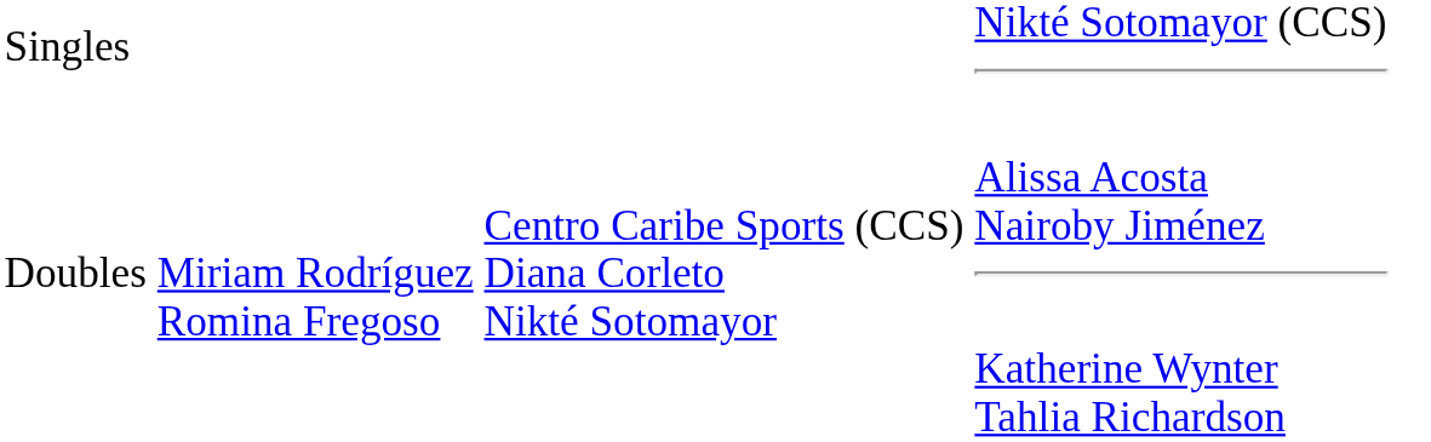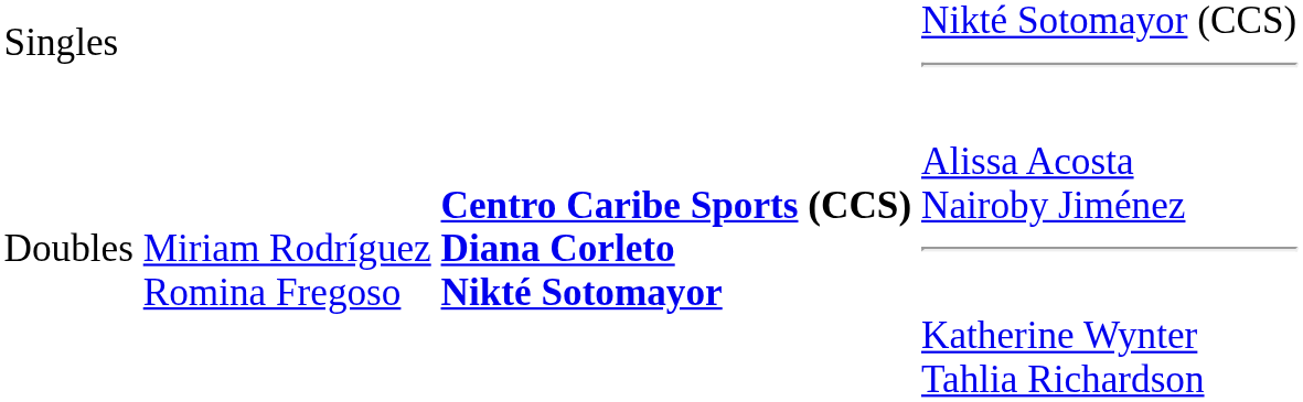 <table>
 <tr>
 <td>Singles</td>
 <td></td>
 <td></td>
 <td><a href='#'>Nikté Sotomayor</a> (CCS)<hr></td>
 </tr>
 <tr>
 <td>Doubles</td>
 <td><br><a href='#'>Miriam Rodríguez</a><br><a href='#'>Romina Fregoso</a></td>
-<td><a href='#'>Centro Caribe Sports</a> (CCS)<br><a href='#'>Diana Corleto</a><br><a href='#'>Nikté Sotomayor</a></td>
+<td><strong><a href='#'>Centro Caribe Sports</a> (CCS)<br><a href='#'>Diana Corleto</a><br><a href='#'>Nikté Sotomayor</a></strong></td>
 <td><br><a href='#'>Alissa Acosta</a><br><a href='#'>Nairoby Jiménez</a><hr><br><a href='#'>Katherine Wynter</a><br><a href='#'>Tahlia Richardson</a></td>
 </tr>
 </table>
